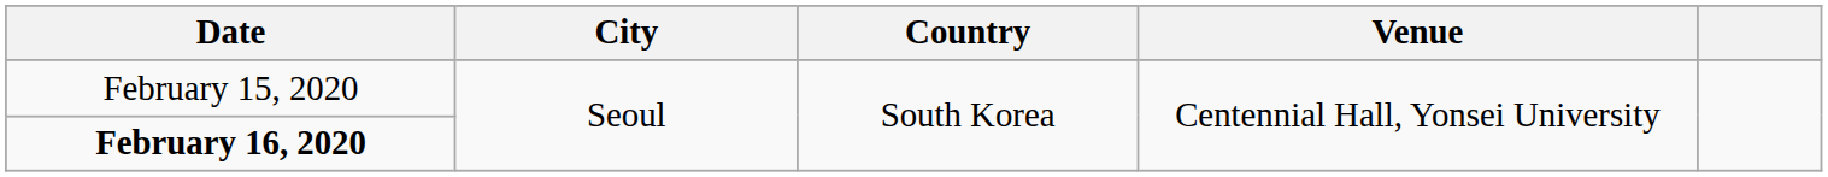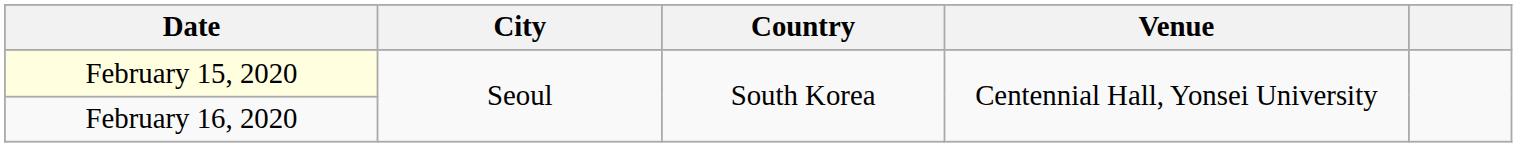 <table class="wikitable" style="text-align:center;">
 <tr>
 <th style="width:200px;">Date</th>
 <th style="width:150px;">City</th>
 <th style="width:150px;">Country</th>
 <th style="width:250px;">Venue</th>
 <th style="width:50px;"></th>
 </tr>
 <tr>
-<td>February 15, 2020</td>
+<td style="background: lightyellow;">February 15, 2020</td>
 <td rowspan="2">Seoul</td>
 <td rowspan="2">South Korea</td>
 <td rowspan="2">Centennial Hall, Yonsei University</td>
 <td rowspan="2"></td>
 </tr>
 <tr>
-<td><strong>February 16, 2020</strong></td>
+<td>February 16, 2020</td>
 </tr>
 </table>
